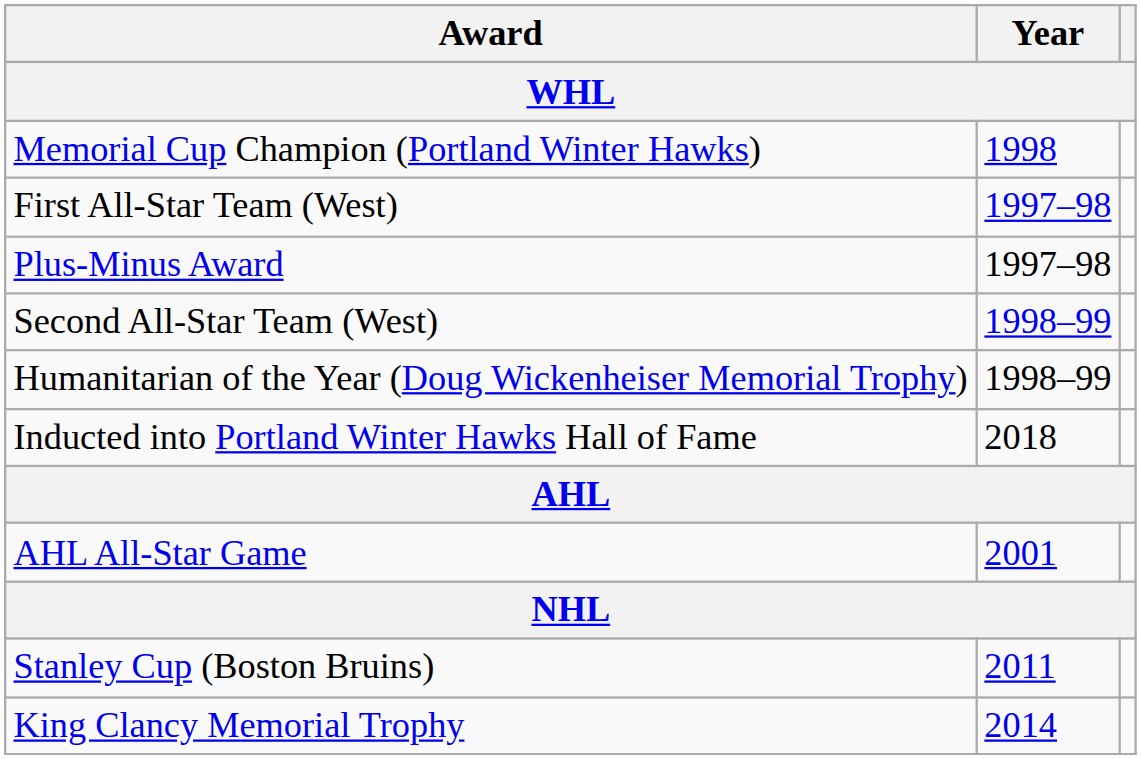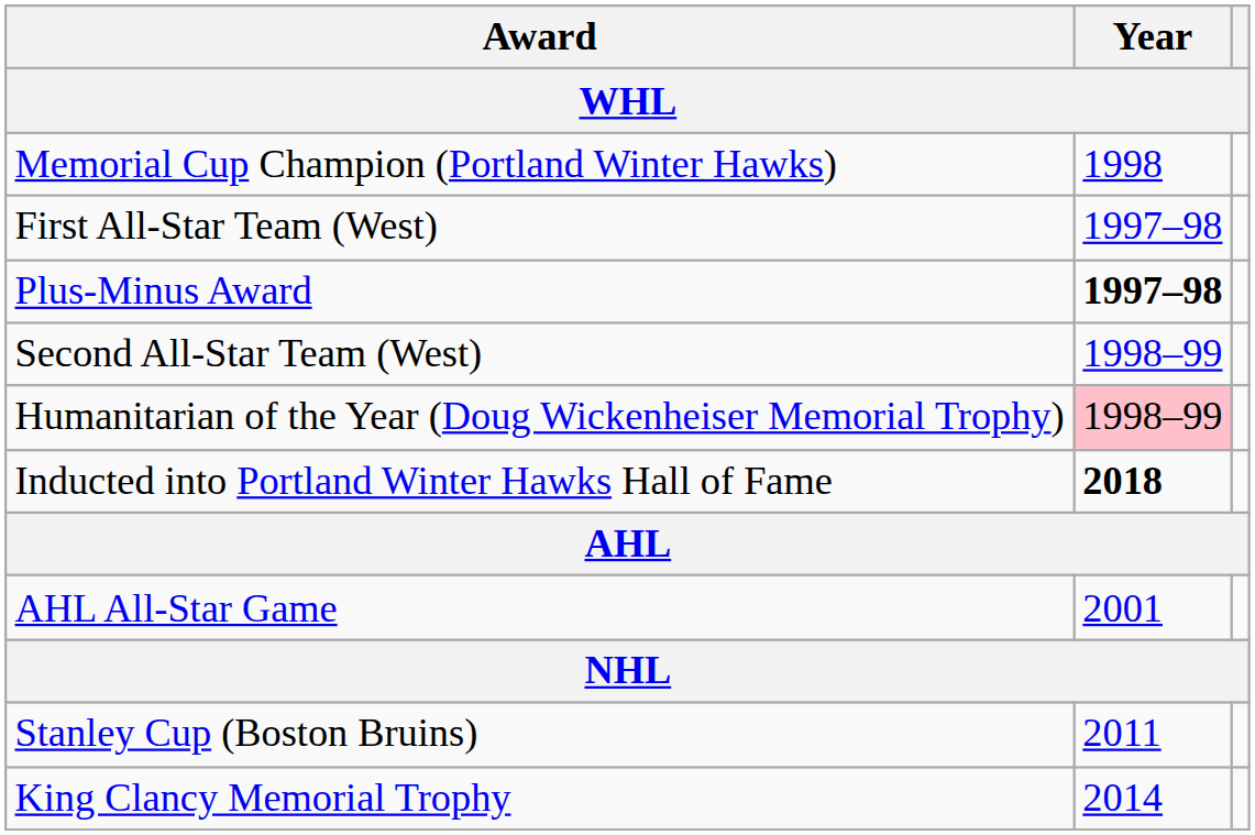 <table class="wikitable">
 <tr>
 <th>Award</th>
 <th>Year</th>
 <th></th>
 </tr>
 <tr ALIGN="center" bgcolor="#e0e0e0">
 <th colspan="3"><a href='#'>WHL</a></th>
 </tr>
 <tr>
 <td><a href='#'>Memorial Cup</a> Champion (<a href='#'>Portland Winter Hawks</a>)</td>
 <td><a href='#'>1998</a></td>
 </tr>
 <tr>
 <td>First All-Star Team (West)</td>
 <td><a href='#'>1997–98</a></td>
 <td></td>
 </tr>
 <tr>
 <td><a href='#'>Plus-Minus Award</a></td>
-<td>1997–98</td>
+<td><strong>1997–98</strong></td>
 <td></td>
 </tr>
 <tr>
 <td>Second All-Star Team (West)</td>
 <td><a href='#'>1998–99</a></td>
 <td></td>
 </tr>
 <tr>
 <td>Humanitarian of the Year (<a href='#'>Doug Wickenheiser Memorial Trophy</a>)</td>
-<td>1998–99</td>
+<td style="background: pink;">1998–99</td>
 <td></td>
 </tr>
 <tr>
 <td>Inducted into <a href='#'>Portland Winter Hawks</a> Hall of Fame</td>
-<td>2018</td>
+<td><strong>2018</strong></td>
 <td></td>
 </tr>
 <tr ALIGN="center" bgcolor="#e0e0e0">
 <th colspan="3"><a href='#'>AHL</a></th>
 </tr>
 <tr>
 <td><a href='#'>AHL All-Star Game</a></td>
 <td><a href='#'>2001</a></td>
 <td></td>
 </tr>
 <tr ALIGN="center" bgcolor="#e0e0e0">
 <th colspan="3"><a href='#'>NHL</a></th>
 </tr>
 <tr>
 <td><a href='#'>Stanley Cup</a> (Boston Bruins)</td>
 <td><a href='#'>2011</a></td>
 <td></td>
 </tr>
 <tr>
 <td><a href='#'>King Clancy Memorial Trophy</a></td>
 <td><a href='#'>2014</a></td>
 <td></td>
 </tr>
 <tr>
 </tr>
 </table>
